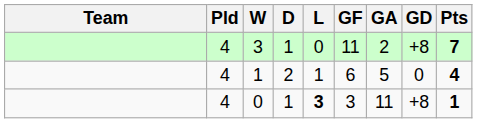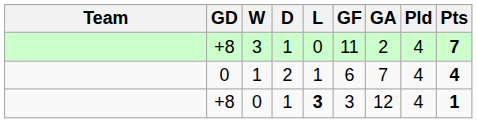 <table class="wikitable" style="text-align:center;">
 <tr>
 <th width=175>Team</th>
-<th style="width:20px;" abbr="Played">Pld</th>
+<th style="width:20px;" abbr="Goal difference">GD</th>
 <th style="width:20px;" abbr="Won">W</th>
 <th style="width:20px;" abbr="Drawn">D</th>
 <th style="width:20px;" abbr="Lost">L</th>
 <th style="width:20px;" abbr="Goals for">GF</th>
 <th style="width:20px;" abbr="Goals against">GA</th>
-<th style="width:20px;" abbr="Goal difference">GD</th>
+<th style="width:20px;" abbr="Played">Pld</th>
 <th style="width:20px;" abbr="Points">Pts</th>
 </tr>
 <tr bgcolor="#ccffcc">
 <td align=left></td>
-<td>4</td>
+<td>+8</td>
 <td>3</td>
 <td>1</td>
 <td>0</td>
 <td>11</td>
 <td>2</td>
-<td>+8</td>
+<td>4</td>
 <td><strong>7</strong></td>
 </tr>
 <tr>
 <td align=left></td>
-<td>4</td>
+<td>0</td>
 <td>1</td>
 <td>2</td>
 <td>1</td>
 <td>6</td>
-<td>5</td>
-<td>0</td>
+<td>7</td>
+<td>4</td>
 <td><strong>4</strong></td>
 </tr>
 <tr>
 <td align=left></td>
-<td>4</td>
+<td>+8</td>
 <td>0</td>
 <td>1</td>
 <td><strong>3</strong></td>
 <td>3</td>
-<td>11</td>
-<td>+8</td>
+<td>12</td>
+<td>4</td>
 <td><strong>1</strong></td>
 </tr>
 </table>
